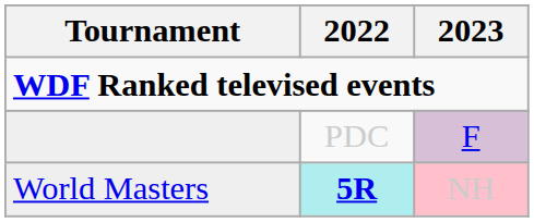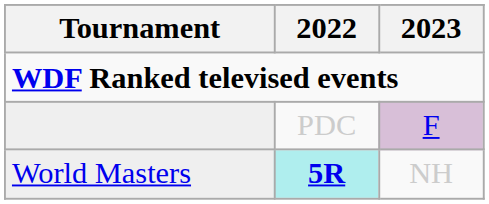 <table class="wikitable" style="width:20%; margin:0">
 <tr>
 <th>Tournament</th>
 <th>2022</th>
 <th>2023</th>
 </tr>
 <tr>
 <td colspan="15" style="text-align:left"><strong><a href='#'>WDF</a> Ranked televised events</strong></td>
 </tr>
 <tr>
 <td style="background:#efefef;"></td>
 <td style="text-align:center; color:#ccc;">PDC</td>
 <td style="text-align:center; background:thistle;"><a href='#'>F</a></td>
 </tr>
 <tr>
 <td style="background:#efefef;"><a href='#'>World Masters</a></td>
 <td style="text-align:center; background:#afeeee;"><strong><a href='#'>5R</a></strong></td>
-<td style="background: pink; text-align:center; color:#ccc;">NH</td>
+<td style="text-align:center; color:#ccc;">NH</td>
 </tr>
 </table>
